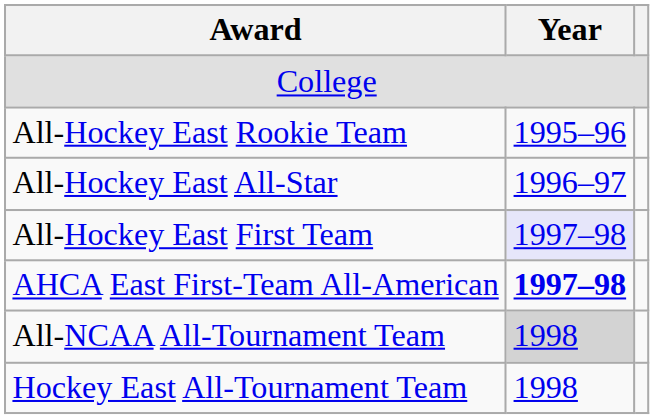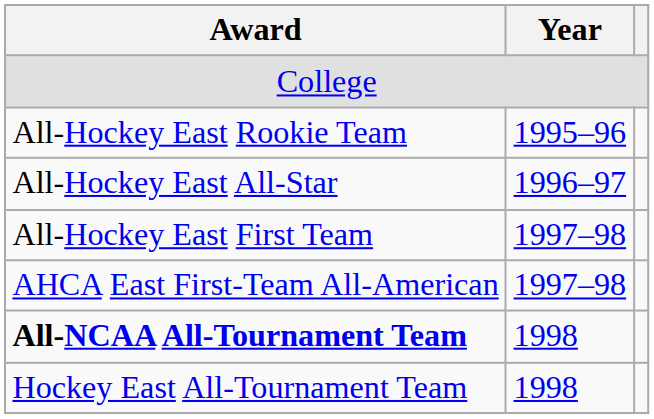 <table class="wikitable">
 <tr>
 <th>Award</th>
 <th>Year</th>
 <th></th>
 </tr>
 <tr ALIGN="center" bgcolor="#e0e0e0">
 <td colspan="3"><a href='#'>College</a></td>
 </tr>
 <tr>
 <td>All-<a href='#'>Hockey East</a> <a href='#'>Rookie Team</a></td>
 <td><a href='#'>1995–96</a></td>
 <td></td>
 </tr>
 <tr>
 <td>All-<a href='#'>Hockey East</a> <a href='#'>All-Star</a></td>
 <td><a href='#'>1996–97</a></td>
 <td></td>
 </tr>
 <tr>
 <td>All-<a href='#'>Hockey East</a> <a href='#'>First Team</a></td>
-<td style="background: lavender;"><a href='#'>1997–98</a></td>
+<td><a href='#'>1997–98</a></td>
 <td></td>
 </tr>
 <tr>
 <td><a href='#'>AHCA</a> <a href='#'>East First-Team All-American</a></td>
-<td><strong><a href='#'>1997–98</a></strong></td>
+<td><a href='#'>1997–98</a></td>
 <td></td>
 </tr>
 <tr>
-<td>All-<a href='#'>NCAA</a> <a href='#'>All-Tournament Team</a></td>
-<td style="background: lightgrey;"><a href='#'>1998</a></td>
+<td><strong>All-<a href='#'>NCAA</a> <a href='#'>All-Tournament Team</a></strong></td>
+<td><a href='#'>1998</a></td>
 <td></td>
 </tr>
 <tr>
 <td><a href='#'>Hockey East</a> <a href='#'>All-Tournament Team</a></td>
 <td><a href='#'>1998</a></td>
 <td></td>
 </tr>
 </table>
